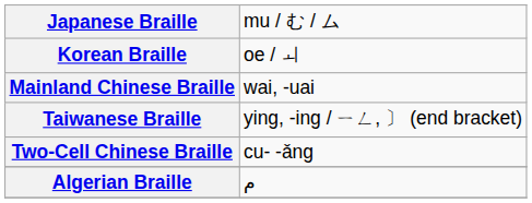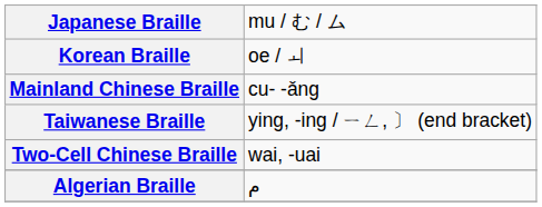 <table class="wikitable">
 <tr>
 <th align=left><a href='#'>Japanese Braille</a></th>
 <td>mu / む / ム </td>
 </tr>
 <tr>
 <th align=left><a href='#'>Korean Braille</a></th>
 <td>oe / ㅚ </td>
 </tr>
 <tr>
 <th align=left><a href='#'>Mainland Chinese Braille</a></th>
-<td>wai, -uai </td>
+<td>cu- -ǎng</td>
 </tr>
 <tr>
 <th align=left><a href='#'>Taiwanese Braille</a></th>
 <td>ying, -ing / ㄧㄥ, 〕 (end bracket)</td>
 </tr>
 <tr>
 <th align=left><a href='#'>Two-Cell Chinese Braille</a></th>
-<td>cu- -ǎng</td>
+<td>wai, -uai </td>
 </tr>
 <tr>
 </tr>
 <tr>
 </tr>
 <tr>
 <th align=left><a href='#'>Algerian Braille</a></th>
 <td>م ‎</td>
 </tr>
 <tr>
 </tr>
 </table>
